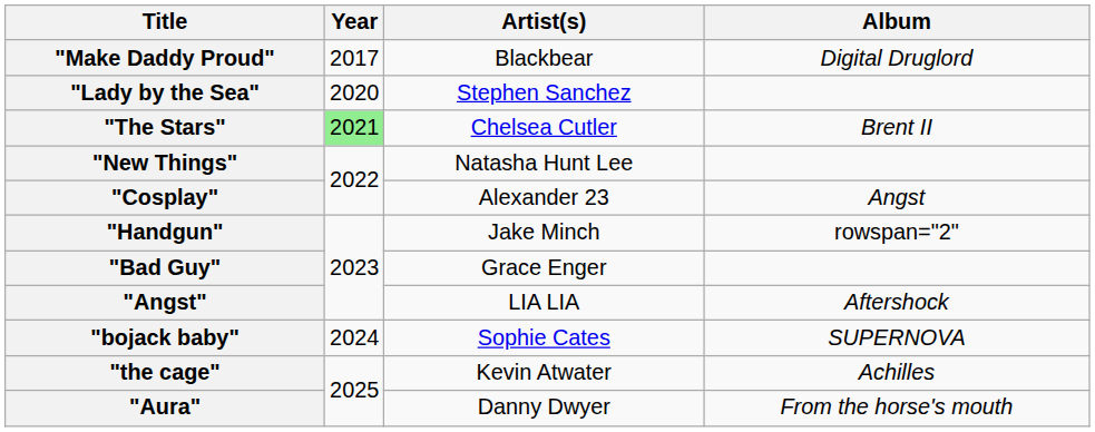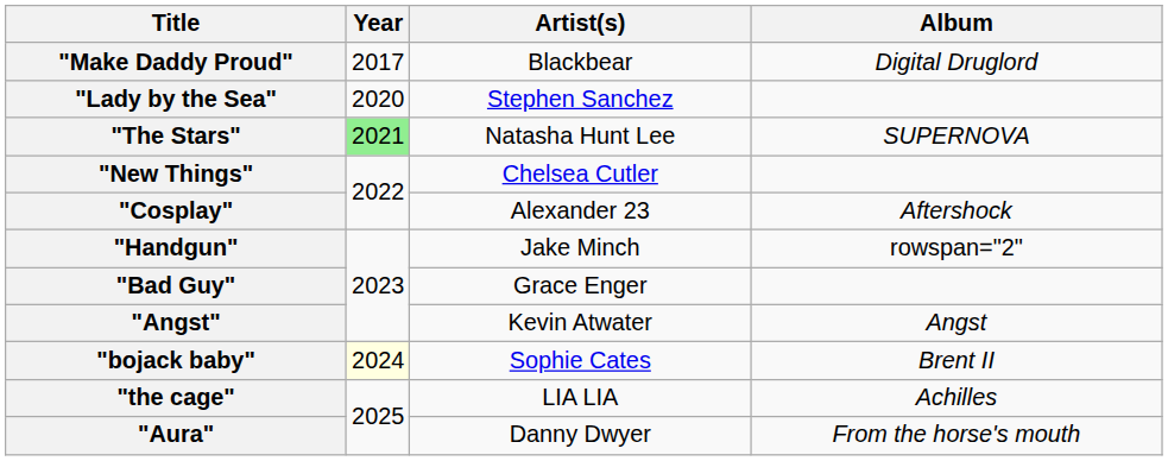 <table class="wikitable plainrowheaders" style="text-align:center;">
 <tr>
 <th scope="col" style="width:14em;">Title</th>
 <th scope="col" style="width:1em;">Year</th>
 <th scope="col" style="width:14em;">Artist(s)</th>
 <th scope="col" style="width:17em;">Album</th>
 </tr>
 <tr>
 <th scope="row">"Make Daddy Proud"</th>
 <td>2017</td>
 <td>Blackbear</td>
 <td><em>Digital Druglord</em></td>
 </tr>
 <tr>
 <th scope="row">"Lady by the Sea"</th>
 <td>2020</td>
 <td><a href='#'>Stephen Sanchez</a></td>
 <td></td>
 </tr>
 <tr>
 <th scope="row">"The Stars"</th>
 <td style="background: lightgreen;">2021</td>
-<td><a href='#'>Chelsea Cutler</a></td>
-<td><em>Brent II</em></td>
+<td>Natasha Hunt Lee</td>
+<td><em>SUPERNOVA</em></td>
 </tr>
 <tr>
 <th scope="row">"New Things"</th>
 <td rowspan="2">2022</td>
-<td>Natasha Hunt Lee</td>
+<td><a href='#'>Chelsea Cutler</a></td>
 <td></td>
 </tr>
 <tr>
 <th scope="row">"Cosplay"</th>
 <td>Alexander 23</td>
-<td><em>Angst</em></td>
+<td><em>Aftershock</em></td>
 </tr>
 <tr>
 <th scope="row">"Handgun"</th>
 <td rowspan="3">2023</td>
 <td>Jake Minch</td>
 <td>rowspan="2" </td>
 </tr>
 <tr>
 <th scope="row">"Bad Guy"</th>
 <td>Grace Enger</td>
 </tr>
 <tr>
 <th scope="row">"Angst"</th>
-<td>LIA LIA</td>
-<td><em>Aftershock</em></td>
+<td>Kevin Atwater</td>
+<td><em>Angst</em></td>
 </tr>
 <tr>
 <th scope="row">"bojack baby"</th>
-<td>2024</td>
+<td style="background: lightyellow;">2024</td>
 <td><a href='#'>Sophie Cates</a></td>
-<td><em>SUPERNOVA</em></td>
+<td><em>Brent II</em></td>
 </tr>
 <tr>
 <th scope="row">"the cage"</th>
 <td rowspan="2">2025</td>
-<td>Kevin Atwater</td>
+<td>LIA LIA</td>
 <td><em>Achilles</em></td>
 </tr>
 <tr>
 <th scope="row">"Aura"</th>
 <td>Danny Dwyer</td>
 <td><em>From the horse's mouth</em></td>
 </tr>
 </table>
